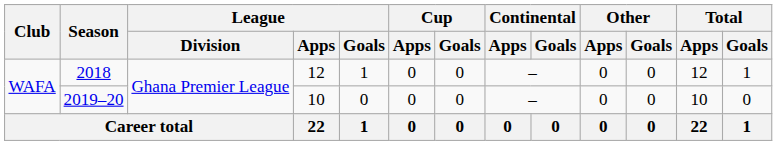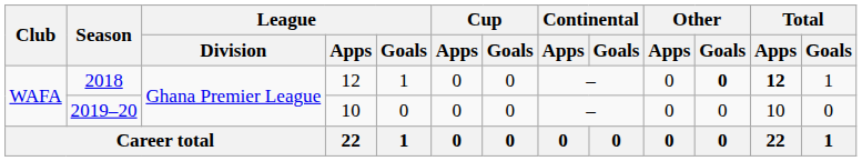 <table class="wikitable" style="text-align: center">
 <tr>
 <th rowspan="2">Club</th>
 <th rowspan="2">Season</th>
 <th colspan="3">League</th>
 <th colspan="2">Cup</th>
 <th colspan="2">Continental</th>
 <th colspan="2">Other</th>
 <th colspan="2">Total</th>
 </tr>
 <tr>
 <th>Division</th>
 <th>Apps</th>
 <th>Goals</th>
 <th>Apps</th>
 <th>Goals</th>
 <th>Apps</th>
 <th>Goals</th>
 <th>Apps</th>
 <th>Goals</th>
 <th>Apps</th>
 <th>Goals</th>
 </tr>
 <tr>
 <td rowspan="2"><a href='#'>WAFA</a></td>
 <td><a href='#'>2018</a></td>
 <td rowspan="2"><a href='#'>Ghana Premier League</a></td>
 <td>12</td>
 <td>1</td>
 <td>0</td>
 <td>0</td>
 <td colspan="2">–</td>
 <td>0</td>
-<td>0</td>
-<td>12</td>
+<td><strong>0</strong></td>
+<td><strong>12</strong></td>
 <td>1</td>
 </tr>
 <tr>
 <td><a href='#'>2019–20</a></td>
 <td>10</td>
 <td>0</td>
 <td>0</td>
 <td>0</td>
 <td colspan="2">–</td>
 <td>0</td>
 <td>0</td>
 <td>10</td>
 <td>0</td>
 </tr>
 <tr>
 <th colspan="3"><strong>Career total</strong></th>
 <th>22</th>
 <th>1</th>
 <th>0</th>
 <th>0</th>
 <th>0</th>
 <th>0</th>
 <th>0</th>
 <th>0</th>
 <th>22</th>
 <th>1</th>
 </tr>
 </table>
